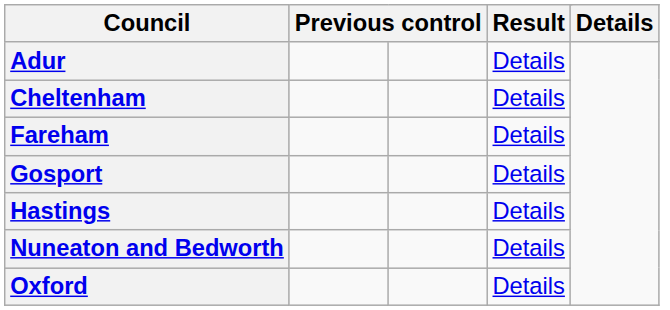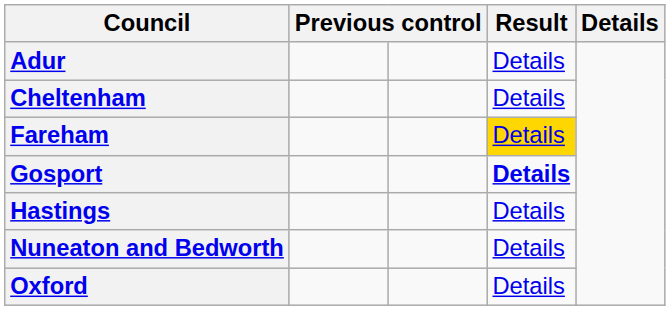 <table class="wikitable">
 <tr>
 <th scope="col">Council</th>
 <th colspan=2>Previous control</th>
 <th colspan=2>Result</th>
 <th colspan=2>Details</th>
 </tr>
 <tr>
 <th scope="row" style="text-align: left;"><a href='#'>Adur</a></th>
 <td></td>
 <td></td>
 <td><a href='#'>Details</a></td>
 </tr>
 <tr>
 <th scope="row" style="text-align: left;"><a href='#'>Cheltenham</a></th>
 <td></td>
 <td></td>
 <td><a href='#'>Details</a></td>
 </tr>
 <tr>
 <th scope="row" style="text-align: left;"><a href='#'>Fareham</a></th>
 <td></td>
 <td></td>
-<td><a href='#'>Details</a></td>
+<td style="background: gold;"><a href='#'>Details</a></td>
 </tr>
 <tr>
 <th scope="row" style="text-align: left;"><a href='#'>Gosport</a></th>
 <td></td>
 <td></td>
-<td><a href='#'>Details</a></td>
+<td><strong><a href='#'>Details</a></strong></td>
 </tr>
 <tr>
 <th scope="row" style="text-align: left;"><a href='#'>Hastings</a></th>
 <td></td>
 <td></td>
 <td><a href='#'>Details</a></td>
 </tr>
 <tr>
 <th scope="row" style="text-align: left;"><a href='#'>Nuneaton and Bedworth</a></th>
 <td></td>
 <td></td>
 <td><a href='#'>Details</a></td>
 </tr>
 <tr>
 <th scope="row" style="text-align: left;"><a href='#'>Oxford</a></th>
 <td></td>
 <td></td>
 <td><a href='#'>Details</a></td>
 </tr>
 </table>
